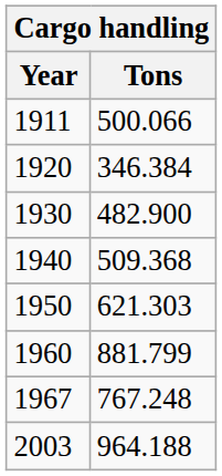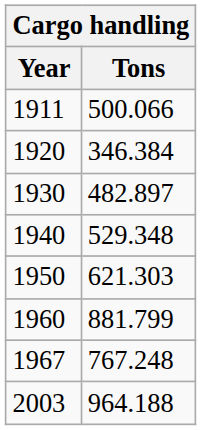 <table class="wikitable" ; align="right" ; style="margin-left:1em;">
 <tr>
 <th colspan="2">Cargo handling</th>
 </tr>
 <tr>
 <th><strong>Year</strong></th>
 <th><strong>Tons</strong></th>
 </tr>
 <tr>
 <td>1911</td>
 <td>500.066</td>
 </tr>
 <tr>
 <td>1920</td>
 <td>346.384</td>
 </tr>
 <tr>
 <td>1930</td>
-<td>482.900</td>
+<td>482.897</td>
 </tr>
 <tr>
 <td>1940</td>
-<td>509.368</td>
+<td>529.348</td>
 </tr>
 <tr>
 <td>1950</td>
 <td>621.303</td>
 </tr>
 <tr>
 <td>1960</td>
 <td>881.799</td>
 </tr>
 <tr>
 <td>1967</td>
 <td>767.248</td>
 </tr>
 <tr>
 <td>2003</td>
 <td>964.188</td>
 </tr>
 </table>
